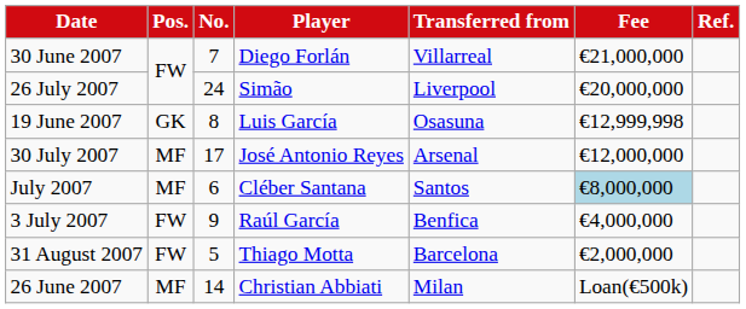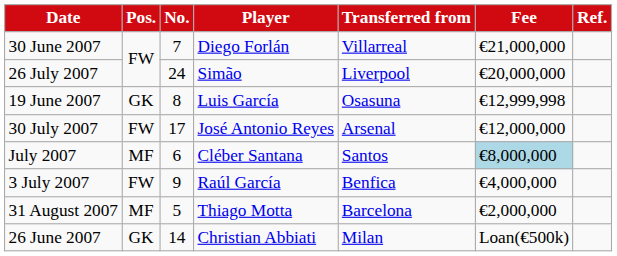 <table class="wikitable plainrowheaders sortable">
 <tr>
 <th style="background:#D10A11; color:white; ">Date</th>
 <th style="background:#D10A11; color:white; ">Pos.</th>
 <th style="background:#D10A11; color:white; ">No.</th>
 <th style="background:#D10A11; color:white; ">Player</th>
 <th style="background:#D10A11; color:white; ">Transferred from</th>
 <th style="background:#D10A11; color:white; ">Fee</th>
 <th style="background:#D10A11; color:white; ">Ref.</th>
 </tr>
 <tr>
 <td>30 June 2007</td>
 <td rowspan="2" style="text-align:center;">FW</td>
 <td style="text-align:center;">7</td>
 <td style="text-align:left;"> <a href='#'>Diego Forlán</a></td>
 <td style="text-align:left;"> <a href='#'>Villarreal</a></td>
 <td>€21,000,000</td>
 <td></td>
 </tr>
 <tr>
 <td>26 July 2007</td>
 <td style="text-align:center;">24</td>
 <td style="text-align:left;"> <a href='#'>Simão</a></td>
 <td style="text-align:left;"> <a href='#'>Liverpool</a></td>
 <td>€20,000,000</td>
 <td></td>
 </tr>
 <tr>
 <td>19 June 2007</td>
 <td rowspan="1" style="text-align:center;">GK</td>
 <td style="text-align:center;">8</td>
 <td style="text-align:left;"> <a href='#'>Luis García</a></td>
 <td style="text-align:left;"> <a href='#'>Osasuna</a></td>
 <td>€12,999,998</td>
 <td></td>
 </tr>
 <tr>
 <td>30 July 2007</td>
-<td rowspan="1" style="text-align:center;">MF</td>
+<td rowspan="1" style="text-align:center;">FW</td>
 <td style="text-align:center;">17</td>
 <td style="text-align:left;"> <a href='#'>José Antonio Reyes</a></td>
 <td style="text-align:left;"> <a href='#'>Arsenal</a></td>
 <td>€12,000,000</td>
 <td></td>
 </tr>
 <tr>
 <td>July 2007</td>
 <td rowspan="1" style="text-align:center;">MF</td>
 <td style="text-align:center;">6</td>
 <td style="text-align:left;"> <a href='#'>Cléber Santana</a></td>
 <td style="text-align:left;"> <a href='#'>Santos</a></td>
 <td style="background: lightblue;">€8,000,000</td>
 <td></td>
 </tr>
 <tr>
 <td>3 July 2007</td>
 <td rowspan="1" style="text-align:center;">FW</td>
 <td style="text-align:center;">9</td>
 <td style="text-align:left;"> <a href='#'>Raúl García</a></td>
 <td style="text-align:left;"> <a href='#'>Benfica</a></td>
 <td>€4,000,000</td>
 <td></td>
 </tr>
 <tr>
 <td>31 August 2007</td>
-<td rowspan="1" style="text-align:center;">FW</td>
+<td rowspan="1" style="text-align:center;">MF</td>
 <td style="text-align:center;">5</td>
 <td style="text-align:left;"> <a href='#'>Thiago Motta</a></td>
 <td style="text-align:left;"> <a href='#'>Barcelona</a></td>
 <td>€2,000,000</td>
 <td></td>
 </tr>
 <tr>
 <td>26 June 2007</td>
-<td rowspan="1" style="text-align:center;">MF</td>
+<td rowspan="1" style="text-align:center;">GK</td>
 <td style="text-align:center;">14</td>
 <td style="text-align:left;"> <a href='#'>Christian Abbiati</a></td>
 <td style="text-align:left;"> <a href='#'>Milan</a></td>
 <td>Loan(€500k)</td>
 <td></td>
 </tr>
 </table>
